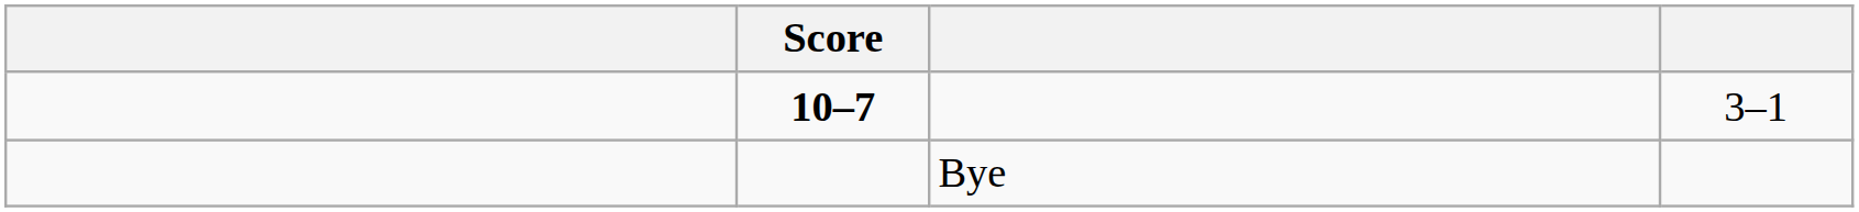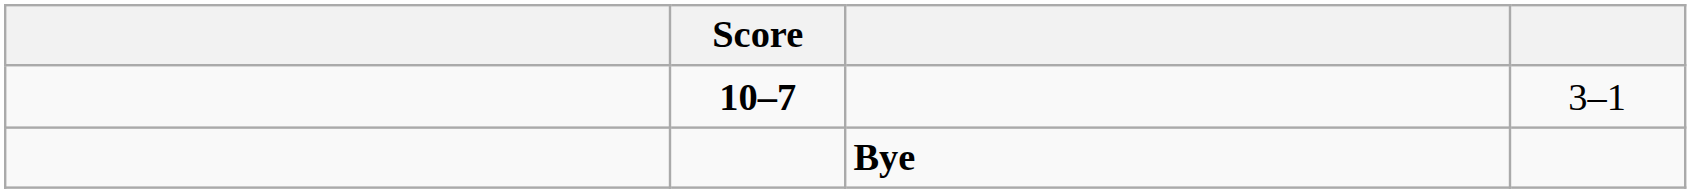 <table class="wikitable" style="text-align: center; ">
 <tr>
 <th align="right" width="270"></th>
 <th width="65">Score</th>
 <th align="left" width="270"></th>
 <th width="65"></th>
 </tr>
 <tr>
 <td align="left"><strong></strong></td>
 <td><strong>10–7</strong></td>
 <td align="left"></td>
 <td>3–1 <strong></strong></td>
 </tr>
 <tr>
 <td align="left"><strong></strong></td>
 <td></td>
-<td style="text-align:left;">Bye</td>
+<td style="text-align:left;"><strong>Bye</strong></td>
 </tr>
 </table>
